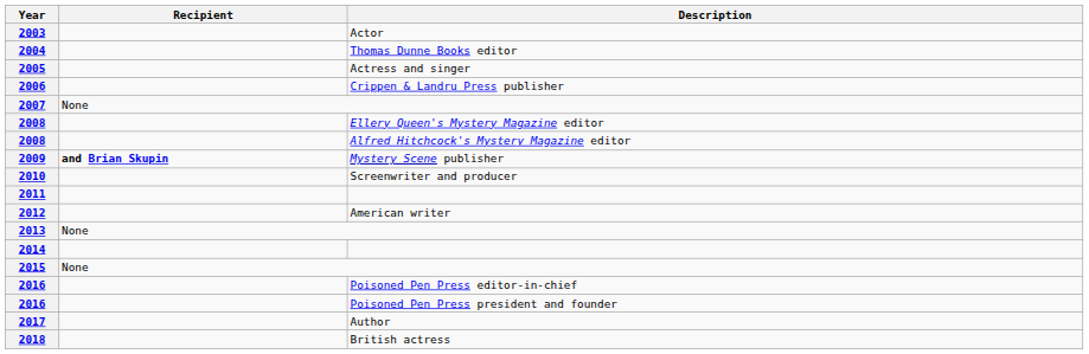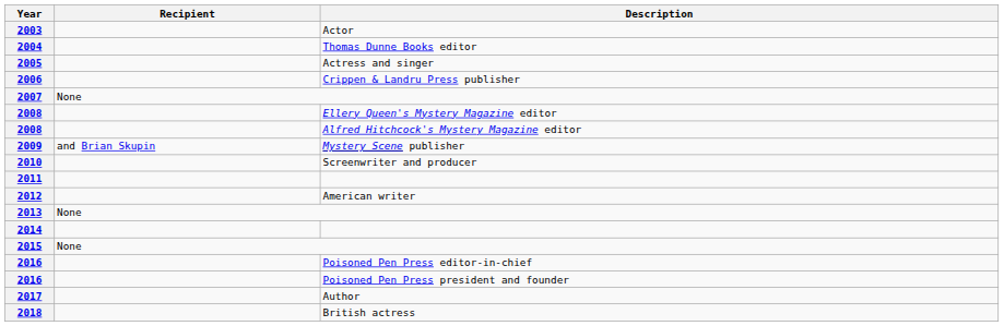 <table class="wikitable sortable mw-collapsible" style="width:100%">
 <tr>
 <th scope="col" width="5%">Year</th>
 <th>Recipient</th>
 <th>Description</th>
 </tr>
 <tr>
 <th><a href='#'> 2003</a></th>
 <td></td>
 <td>Actor</td>
 </tr>
 <tr>
 <th><a href='#'> 2004</a></th>
 <td></td>
 <td><a href='#'>Thomas Dunne Books</a> editor</td>
 </tr>
 <tr>
 <th><a href='#'> 2005</a></th>
 <td></td>
 <td>Actress and singer</td>
 </tr>
 <tr>
 <th><a href='#'> 2006</a></th>
 <td></td>
 <td><a href='#'>Crippen & Landru Press</a> publisher</td>
 </tr>
 <tr>
 <th><a href='#'> 2007</a></th>
 <td colspan="2">None</td>
 </tr>
 <tr>
 <th><a href='#'> 2008</a></th>
 <td></td>
 <td><em><a href='#'>Ellery Queen's Mystery Magazine</a></em> editor</td>
 </tr>
 <tr>
 <th><a href='#'> 2008</a></th>
 <td></td>
 <td><em><a href='#'>Alfred Hitchcock's Mystery Magazine</a></em> editor</td>
 </tr>
 <tr>
 <th><a href='#'> 2009</a></th>
-<td><strong> and <a href='#'>Brian Skupin</a></strong></td>
+<td> and <a href='#'>Brian Skupin</a></td>
 <td><u><em><a href='#'>Mystery Scene</a></em></u> publisher</td>
 </tr>
 <tr>
 <th><a href='#'> 2010</a></th>
 <td></td>
 <td>Screenwriter and producer</td>
 </tr>
 <tr>
 <th><a href='#'> 2011</a></th>
 <td></td>
 <td></td>
 </tr>
 <tr>
 <th><a href='#'> 2012</a></th>
 <td></td>
 <td>American writer</td>
 </tr>
 <tr>
 <th><a href='#'> 2013</a></th>
 <td colspan="2">None</td>
 </tr>
 <tr>
 <th><a href='#'> 2014</a></th>
 <td></td>
 <td></td>
 </tr>
 <tr>
 <th><a href='#'> 2015</a></th>
 <td colspan="2">None</td>
 </tr>
 <tr>
 <th><a href='#'> 2016</a></th>
 <td></td>
 <td><a href='#'>Poisoned Pen Press</a> editor-in-chief</td>
 </tr>
 <tr>
 <th><a href='#'> 2016</a></th>
 <td></td>
 <td><a href='#'>Poisoned Pen Press</a> president and founder</td>
 </tr>
 <tr>
 <th><a href='#'> 2017</a></th>
 <td></td>
 <td>Author</td>
 </tr>
 <tr>
 <th><a href='#'> 2018</a></th>
 <td></td>
 <td>British actress</td>
 </tr>
 </table>
